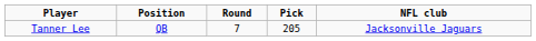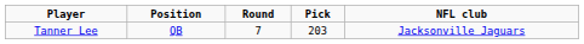 <table class="wikitable" width="80%">
 <tr align="center">
 <td><strong>Player</strong></td>
 <td><strong>Position</strong></td>
 <td><strong>Round</strong></td>
 <td><strong>Pick</strong></td>
 <td><strong>NFL club</strong></td>
 </tr>
 <tr align="center" bgcolor="">
 <td><a href='#'>Tanner Lee</a></td>
 <td><a href='#'>QB</a></td>
 <td>7</td>
-<td>205</td>
+<td>203</td>
 <td><a href='#'>Jacksonville Jaguars</a></td>
 </tr>
 </table>
